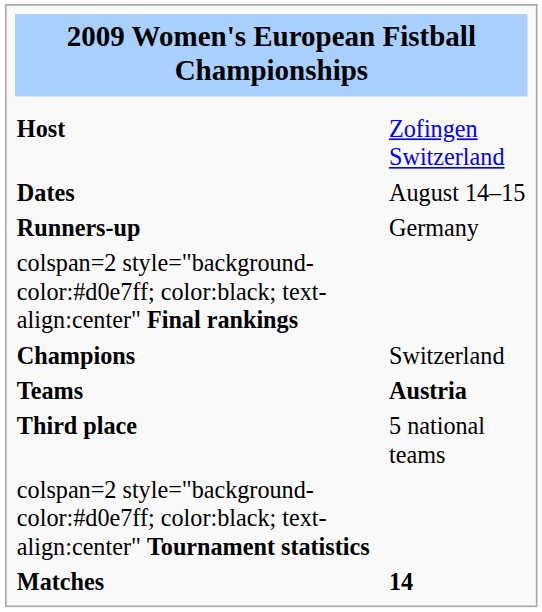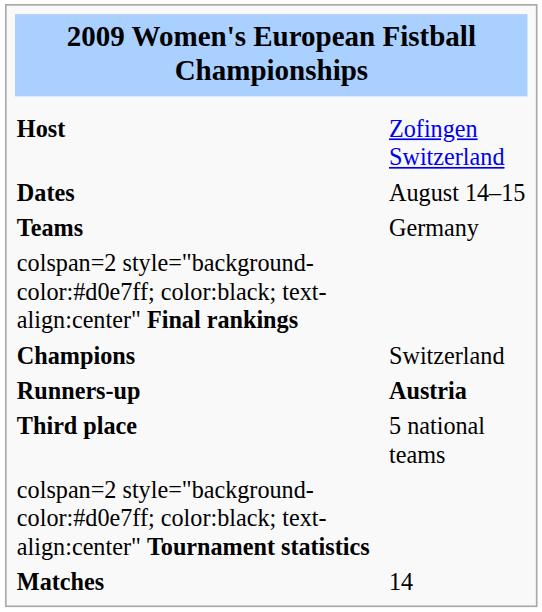 <table class="infobox" style="font-size: 90%; width: 22em;">
 <tr>
 <td colspan="2" style="background-color:#AAD0FF; color:black; text-align:center; padding:0.3em"><big><strong>2009 Women's European Fistball Championships</strong></big></td>
 </tr>
 <tr>
 <td colspan="2" style="text-align: center;"></td>
 </tr>
 <tr style="vertical-align:top;">
 <th colspan=2></th>
 </tr>
 <tr style="vertical-align:top;">
 <td><strong>Host</strong></td>
 <td><a href='#'>Zofingen</a>  <a href='#'>Switzerland</a></td>
 </tr>
 <tr style="vertical-align:top;">
 <td><strong>Dates</strong></td>
 <td>August 14–15</td>
 </tr>
 <tr style="vertical-align:top;">
-<td><strong>Runners-up</strong> </td>
+<td><strong>Teams</strong></td>
 <td> Germany</td>
 </tr>
 <tr>
 <td>colspan=2 style="background-color:#d0e7ff; color:black; text-align:center" <strong>Final rankings</strong></td>
 </tr>
 <tr style="vertical-align:top;">
 <td><strong>Champions</strong> </td>
 <td> Switzerland</td>
 </tr>
 <tr>
-<td><strong>Teams</strong></td>
+<td><strong>Runners-up</strong> </td>
 <td> <strong>Austria</strong></td>
 </tr>
 <tr>
 <td><strong>Third place</strong> </td>
 <td>5 national teams</td>
 </tr>
 <tr>
 <td>colspan=2 style="background-color:#d0e7ff; color:black; text-align:center" <strong>Tournament statistics</strong></td>
 </tr>
 <tr>
 <td><strong>Matches</strong></td>
-<td><strong>14</strong></td>
+<td>14</td>
 </tr>
 </table>
